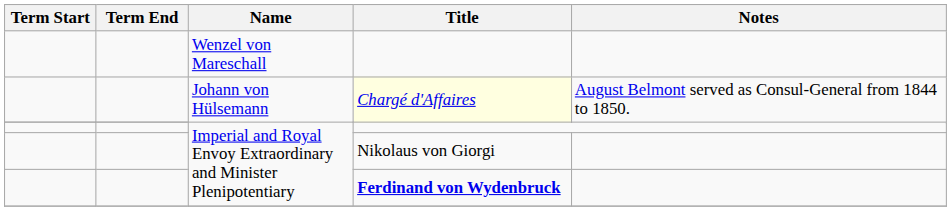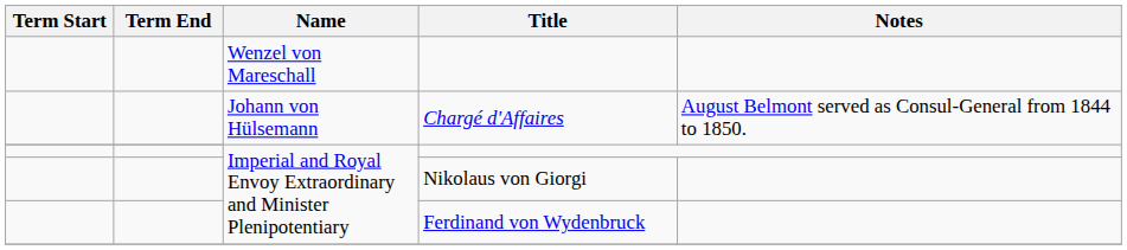 <table class="wikitable sortable">
 <tr>
 <th width="80">Term Start</th>
 <th width="80">Term End</th>
 <th class="unsortable"! width="150">Name</th>
 <th class="unsortable"! width="200">Title</th>
 <th class="unsortable"! width="350">Notes</th>
 </tr>
 <tr>
 <td></td>
 <td></td>
 <td><a href='#'>Wenzel von Mareschall</a></td>
 <td></td>
 <td></td>
 </tr>
 <tr>
 <td></td>
 <td></td>
 <td rowspan=2><a href='#'>Johann von Hülsemann</a></td>
-<td style="background: lightyellow;"><em><a href='#'>Chargé d'Affaires</a></em></td>
+<td><em><a href='#'>Chargé d'Affaires</a></em></td>
 <td rowspan=2><a href='#'>August Belmont</a> served as Consul-General from 1844 to 1850.</td>
 </tr>
 <tr>
 </tr>
 <tr>
 <td></td>
 <td></td>
 <td rowspan=3><a href='#'>Imperial and Royal</a> Envoy Extraordinary and Minister Plenipotentiary</td>
 </tr>
 <tr>
 <td></td>
 <td></td>
 <td>Nikolaus von Giorgi</td>
 <td></td>
 </tr>
 <tr>
 <td></td>
 <td></td>
-<td><strong><a href='#'>Ferdinand von Wydenbruck</a></strong></td>
+<td><a href='#'>Ferdinand von Wydenbruck</a></td>
 <td></td>
 </tr>
 <tr>
 </tr>
 </table>
